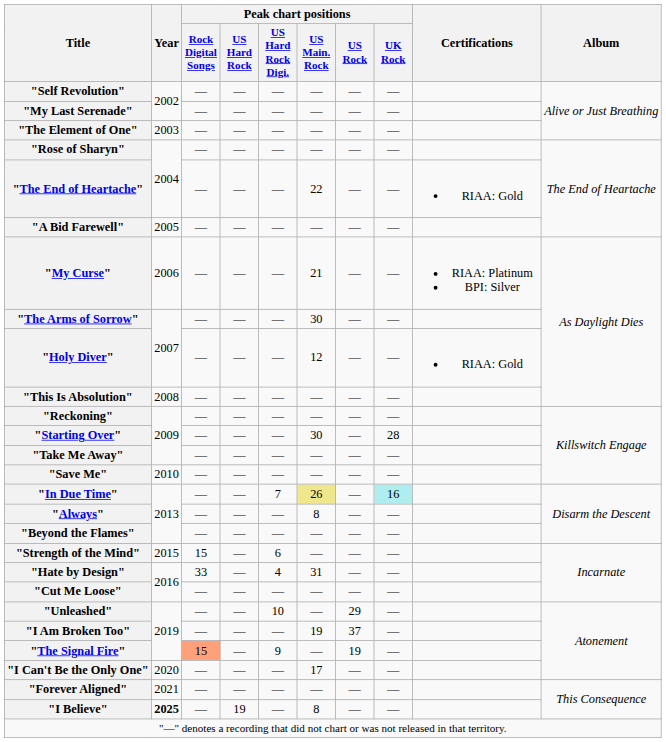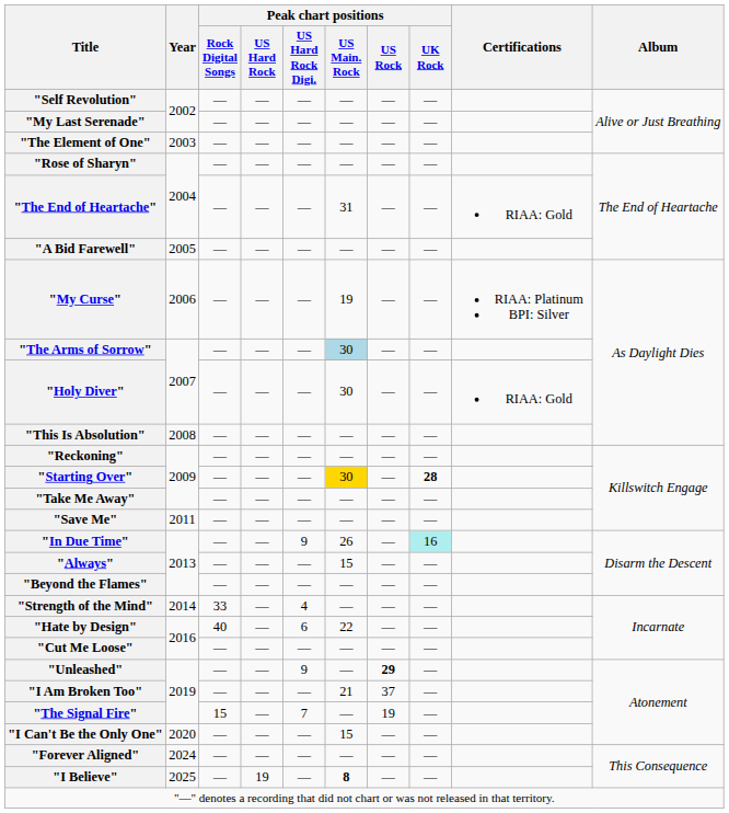 <table class="wikitable plainrowheaders" style="text-align:center;">
 <tr>
 <th scope="col" rowspan="2">Title</th>
 <th scope="col" rowspan="2">Year</th>
 <th scope="col" colspan="6">Peak chart positions</th>
 <th scope="col" rowspan="2" style="width:10em;">Certifications</th>
 <th scope="col" rowspan="2">Album</th>
 </tr>
 <tr>
 <th scope="col" style="width:3em;font-size:90%;"><a href='#'>Rock Digital Songs</a><br></th>
 <th scope="col" style="width:3em;font-size:90%;"><a href='#'>US<br>Hard<br>Rock</a></th>
 <th scope="col" style="width:3em;font-size:90%;"><a href='#'>US<br>Hard<br>Rock<br>Digi.</a><br></th>
 <th scope="col" style="width:3em;font-size:90%;"><a href='#'>US<br>Main.<br>Rock</a><br></th>
 <th scope="col" style="width:3em;font-size:90%;"><a href='#'>US<br>Rock</a><br></th>
 <th scope="col" style="width:3em;font-size:90%;"><a href='#'>UK<br>Rock</a> <br></th>
 </tr>
 <tr>
 <th scope="row">"Self Revolution"</th>
 <td rowspan="2">2002</td>
 <td>—</td>
 <td>—</td>
 <td>—</td>
 <td>—</td>
 <td>—</td>
 <td>—</td>
 <td></td>
 <td rowspan="3"><em>Alive or Just Breathing</em></td>
 </tr>
 <tr>
 <th scope="row">"My Last Serenade"</th>
 <td>—</td>
 <td>—</td>
 <td>—</td>
 <td>—</td>
 <td>—</td>
 <td>—</td>
 <td></td>
 </tr>
 <tr>
 <th scope="row">"The Element of One"</th>
 <td>2003</td>
 <td>—</td>
 <td>—</td>
 <td>—</td>
 <td>—</td>
 <td>—</td>
 <td>—</td>
 <td></td>
 </tr>
 <tr>
 <th scope="row">"Rose of Sharyn"</th>
 <td rowspan="2">2004</td>
 <td>—</td>
 <td>—</td>
 <td>—</td>
 <td>—</td>
 <td>—</td>
 <td>—</td>
 <td></td>
 <td rowspan="3"><em>The End of Heartache</em></td>
 </tr>
 <tr>
 <th scope="row">"<a href='#'>The End of Heartache</a>"</th>
 <td>—</td>
 <td>—</td>
 <td>—</td>
-<td>22</td>
+<td>31</td>
 <td>—</td>
 <td>—</td>
 <td><br><ul><li>RIAA: Gold</li></ul></td>
 </tr>
 <tr>
 <th scope="row">"A Bid Farewell"</th>
 <td>2005</td>
 <td>—</td>
 <td>—</td>
 <td>—</td>
 <td>—</td>
 <td>—</td>
 <td>—</td>
 <td></td>
 </tr>
 <tr>
 <th scope="row">"<a href='#'>My Curse</a>"</th>
 <td>2006</td>
 <td>—</td>
 <td>—</td>
 <td>—</td>
-<td>21</td>
+<td>19</td>
 <td>—</td>
 <td>—</td>
 <td><br><ul><li>RIAA: Platinum</li><li>BPI: Silver</li></ul></td>
 <td rowspan="4"><em>As Daylight Dies</em></td>
 </tr>
 <tr>
 <th scope="row">"<a href='#'>The Arms of Sorrow</a>"</th>
 <td rowspan="2">2007</td>
 <td>—</td>
 <td>—</td>
 <td>—</td>
-<td>30</td>
+<td style="background: lightblue;">30</td>
 <td>—</td>
 <td>—</td>
 <td></td>
 </tr>
 <tr>
 <th scope="row">"<a href='#'>Holy Diver</a>"</th>
 <td>—</td>
 <td>—</td>
 <td>—</td>
-<td>12</td>
+<td>30</td>
 <td>—</td>
 <td>—</td>
 <td><br><ul><li>RIAA: Gold</li></ul></td>
 </tr>
 <tr>
 <th scope="row">"This Is Absolution"</th>
 <td>2008</td>
 <td>―</td>
 <td>―</td>
 <td>―</td>
 <td>—</td>
 <td>—</td>
 <td>—</td>
 <td></td>
 </tr>
 <tr>
 <th scope="row">"Reckoning"</th>
 <td rowspan="3">2009</td>
 <td>—</td>
 <td>—</td>
 <td>—</td>
 <td>—</td>
 <td>—</td>
 <td>—</td>
 <td></td>
 <td rowspan="4"><em>Killswitch Engage</em></td>
 </tr>
 <tr>
 <th scope="row">"<a href='#'>Starting Over</a>"</th>
 <td>—</td>
 <td>—</td>
 <td>—</td>
-<td>30</td>
+<td style="background: gold;">30</td>
 <td>—</td>
-<td>28</td>
+<td><strong>28</strong></td>
 <td></td>
 </tr>
 <tr>
 <th scope="row">"Take Me Away"</th>
 <td>—</td>
 <td>—</td>
 <td>—</td>
 <td>—</td>
 <td>—</td>
 <td>—</td>
 <td></td>
 </tr>
 <tr>
 <th scope="row">"Save Me"</th>
-<td>2010</td>
+<td>2011</td>
 <td>—</td>
 <td>—</td>
 <td>—</td>
 <td>—</td>
 <td>—</td>
 <td>—</td>
 <td></td>
 </tr>
 <tr>
 <th scope="row">"<a href='#'>In Due Time</a>"</th>
 <td rowspan="3">2013</td>
 <td>—</td>
 <td>—</td>
-<td>7</td>
-<td style="background: khaki;">26</td>
+<td>9</td>
+<td>26</td>
 <td>—</td>
 <td style="background: paleturquoise;">16</td>
 <td></td>
 <td rowspan="3"><em>Disarm the Descent</em></td>
 </tr>
 <tr>
 <th scope="row">"<a href='#'>Always</a>"</th>
 <td>—</td>
 <td>—</td>
 <td>—</td>
-<td>8</td>
+<td>15</td>
 <td>—</td>
 <td>—</td>
 <td></td>
 </tr>
 <tr>
 <th scope="row">"Beyond the Flames"</th>
 <td>—</td>
 <td>—</td>
 <td>—</td>
 <td>—</td>
 <td>—</td>
 <td>—</td>
 <td></td>
 </tr>
 <tr>
 <th scope="row">"Strength of the Mind"</th>
-<td>2015</td>
-<td>15</td>
+<td>2014</td>
+<td>33</td>
 <td>—</td>
-<td>6</td>
+<td>4</td>
 <td>—</td>
 <td>—</td>
 <td>—</td>
 <td></td>
 <td rowspan="3"><em>Incarnate</em></td>
 </tr>
 <tr>
 <th scope="row">"Hate by Design"</th>
 <td rowspan="2">2016</td>
-<td>33</td>
+<td>40</td>
 <td>—</td>
-<td>4</td>
-<td>31</td>
+<td>6</td>
+<td>22</td>
 <td>—</td>
 <td>—</td>
 <td></td>
 </tr>
 <tr>
 <th scope="row">"Cut Me Loose"</th>
 <td>—</td>
 <td>—</td>
 <td>—</td>
 <td>—</td>
 <td>—</td>
 <td>—</td>
 <td></td>
 </tr>
 <tr>
 <th scope="row">"Unleashed"</th>
 <td rowspan="3">2019</td>
 <td>—</td>
 <td>—</td>
-<td>10</td>
+<td>9</td>
 <td>—</td>
-<td>29</td>
+<td><strong>29</strong></td>
 <td>—</td>
 <td></td>
 <td rowspan="4"><em>Atonement</em></td>
 </tr>
 <tr>
 <th scope="row">"I Am Broken Too"</th>
 <td>—</td>
 <td>—</td>
 <td>—</td>
-<td>19</td>
+<td>21</td>
 <td>37</td>
 <td>—</td>
 <td></td>
 </tr>
 <tr>
 <th scope="row">"<a href='#'>The Signal Fire</a>"<br></th>
-<td style="background: lightsalmon;">15</td>
+<td>15</td>
 <td>—</td>
-<td>9</td>
+<td>7</td>
 <td>—</td>
 <td>19</td>
 <td>—</td>
 <td></td>
 </tr>
 <tr>
 <th scope="row">"I Can't Be the Only One"</th>
 <td>2020</td>
 <td>—</td>
 <td>—</td>
 <td>—</td>
-<td>17</td>
+<td>15</td>
 <td>—</td>
 <td>—</td>
 <td></td>
 </tr>
 <tr>
 <th scope="row">"Forever Aligned"</th>
-<td>2021</td>
+<td>2024</td>
 <td>—</td>
 <td>—</td>
 <td>—</td>
 <td>—</td>
 <td>—</td>
 <td>—</td>
 <td></td>
 <td rowspan="2"><em>This Consequence</em></td>
 </tr>
 <tr>
 <th scope="row">"I Believe"</th>
-<td><strong>2025</strong></td>
+<td>2025</td>
 <td>—</td>
 <td>19</td>
 <td>—</td>
-<td>8</td>
+<td><strong>8</strong></td>
 <td>—</td>
 <td>—</td>
 <td></td>
 </tr>
 <tr>
 <td colspan="10" style="font-size:90%">"—" denotes a recording that did not chart or was not released in that territory.</td>
 </tr>
 </table>
